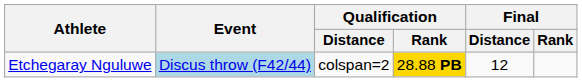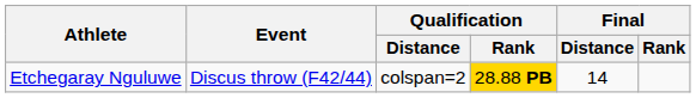 <table class="wikitable" style="font-size:90%">
 <tr>
 <th rowspan=2>Athlete</th>
 <th rowspan=2>Event</th>
 <th colspan=2>Qualification</th>
 <th colspan=2>Final</th>
 </tr>
 <tr style="font-size:95%">
 <th>Distance</th>
 <th>Rank</th>
 <th>Distance</th>
 <th>Rank</th>
 </tr>
 <tr align=center>
 <td align=left><a href='#'>Etchegaray Nguluwe</a></td>
-<td align=left style="background: lightblue;"><a href='#'>Discus throw (F42/44)</a></td>
+<td align=left><a href='#'>Discus throw (F42/44)</a></td>
 <td>colspan=2 </td>
 <td style="background: gold;">28.88 <strong>PB</strong></td>
-<td>12</td>
+<td>14</td>
 </tr>
 </table>
